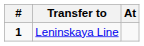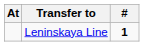 <table class="wikitable" style="border-collapse: collapse; text-align: left;">
 <tr>
+<th>At</th>
+<th>Transfer to</th>
 <th style="width:2em">#</th>
-<th>Transfer to</th>
-<th>At</th>
 </tr>
 <tr>
+<td></td>
+<td><a href='#'>Leninskaya Line</a></td>
 <td style="text-align:center; background: #"><strong>1</strong></td>
-<td><a href='#'>Leninskaya Line</a></td>
-<td></td>
 </tr>
 </table>
